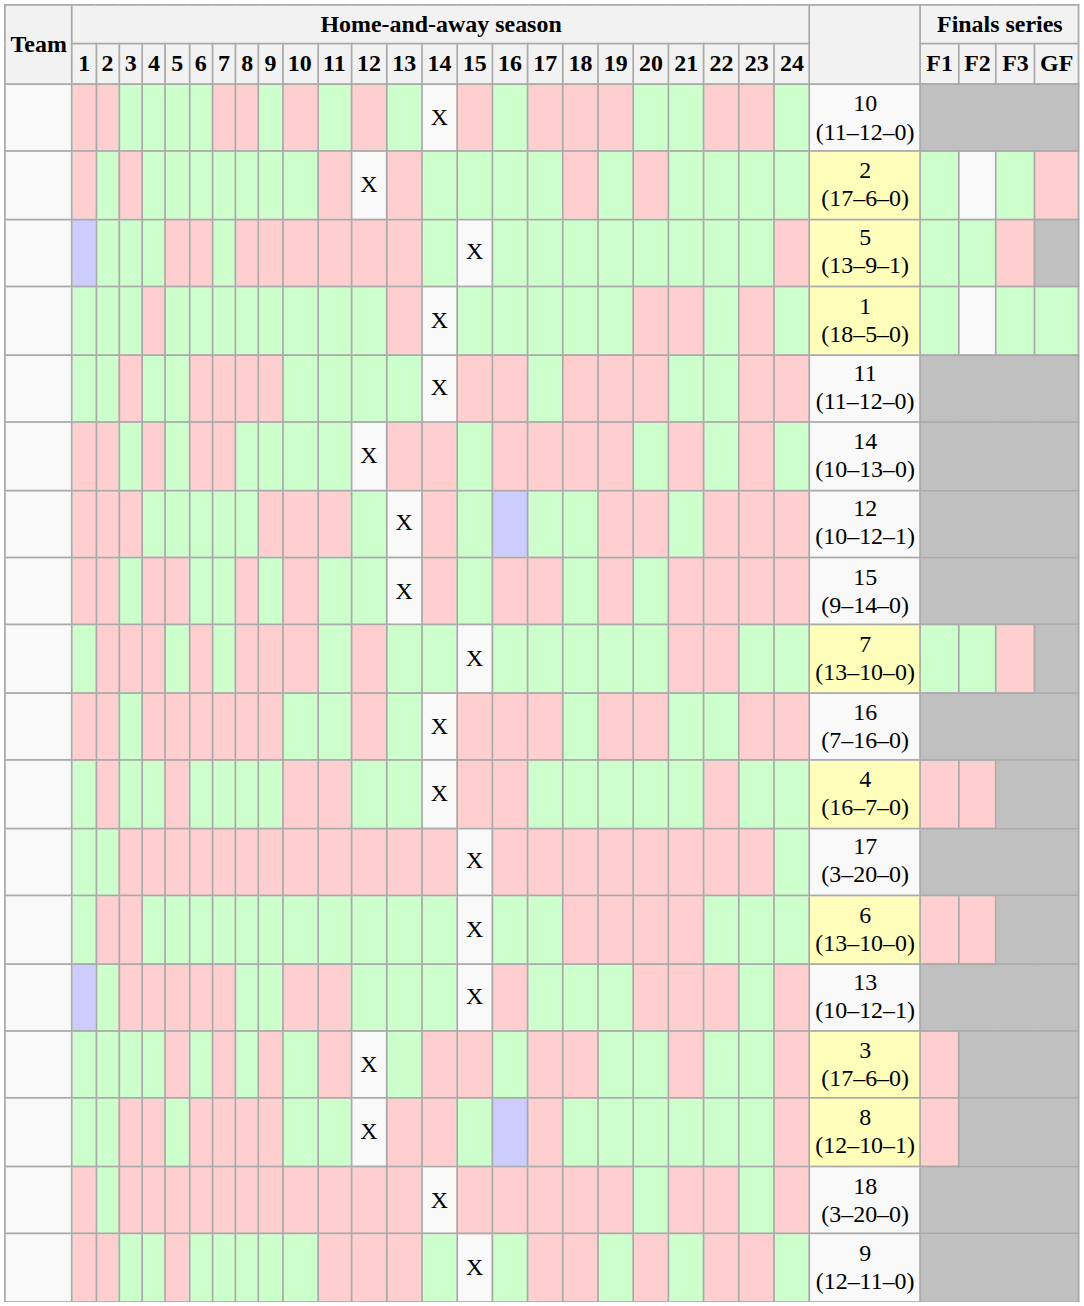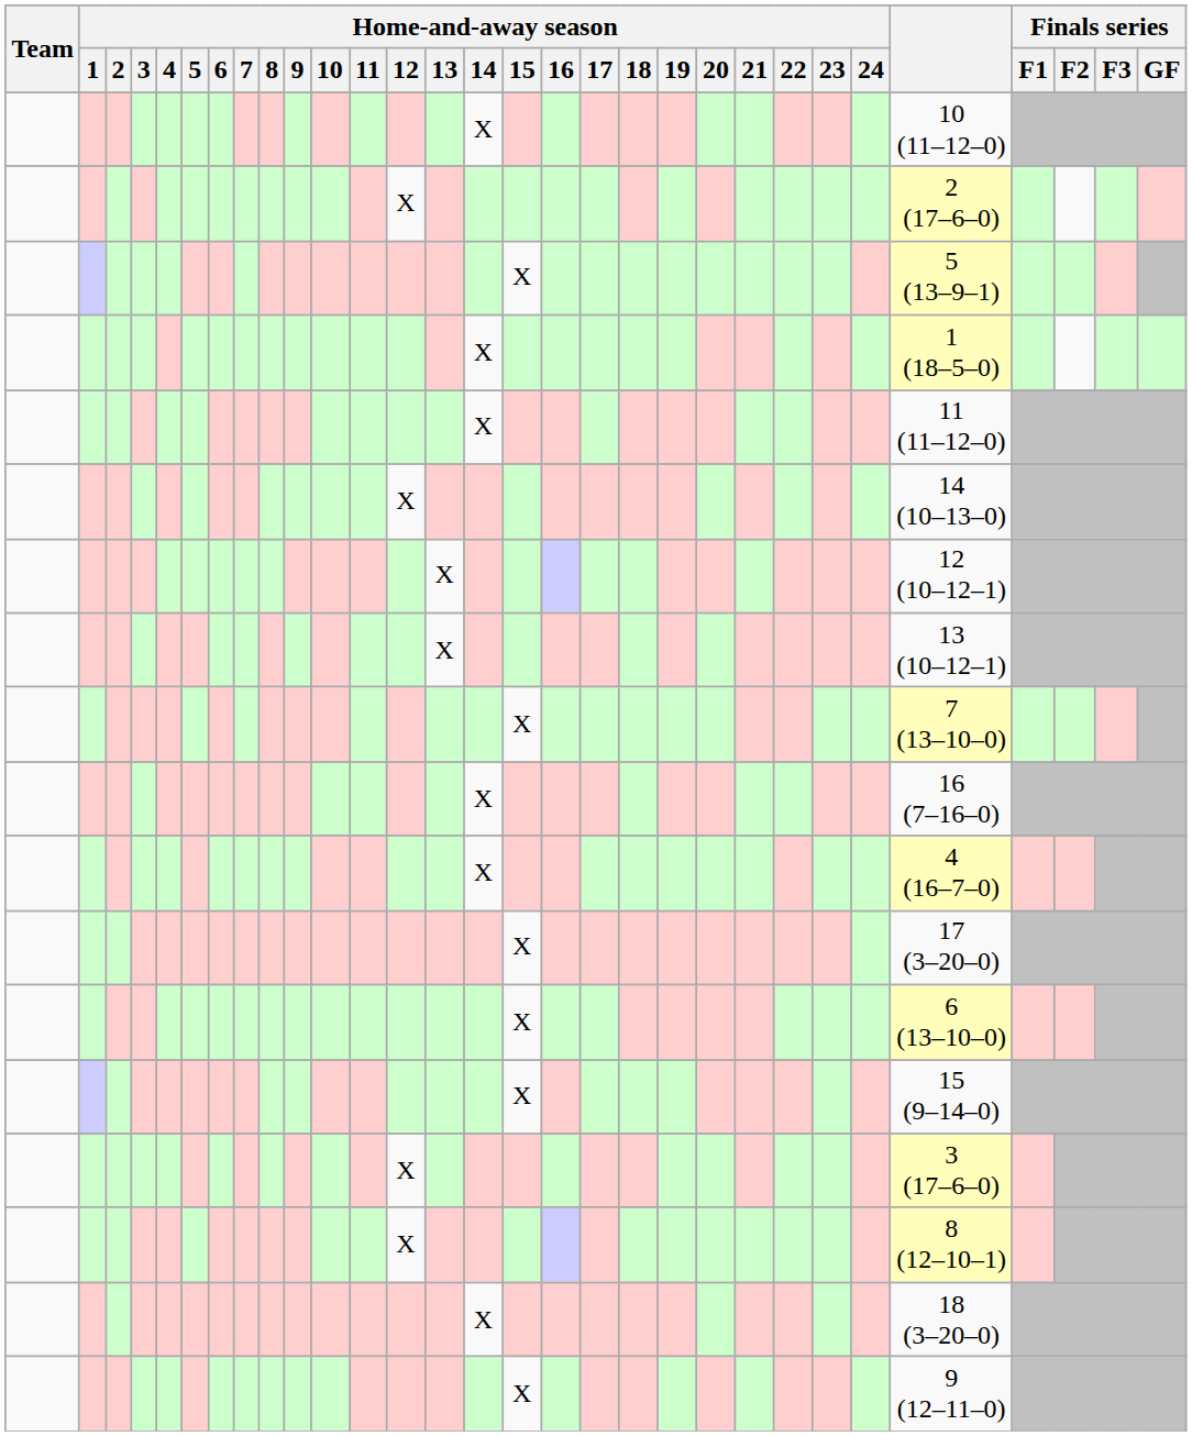 <table class="wikitable sortable" style="font-size:85%; text-align:center">
 <tr>
 <th rowspan=2>Team</th>
 <th colspan=24>Home-and-away season</th>
 <th rowspan=2></th>
 <th colspan=4>Finals series</th>
 </tr>
 <tr>
 <th>1</th>
 <th>2</th>
 <th>3</th>
 <th>4</th>
 <th>5</th>
 <th>6</th>
 <th>7</th>
 <th>8</th>
 <th>9</th>
 <th>10</th>
 <th>11</th>
 <th>12</th>
 <th>13</th>
 <th>14</th>
 <th>15</th>
 <th>16</th>
 <th>17</th>
 <th>18</th>
 <th>19</th>
 <th>20</th>
 <th>21</th>
 <th>22</th>
 <th>23</th>
 <th>24</th>
 <th>F1</th>
 <th>F2</th>
 <th>F3</th>
 <th>GF</th>
 </tr>
 <tr>
 <td align=left></td>
 <td bgcolor=FFCFCF></td>
 <td bgcolor=FFCFCF><strong></strong></td>
 <td bgcolor=CCFFCC></td>
 <td bgcolor=CCFFCC><strong></strong></td>
 <td bgcolor=CCFFCC><u></u></td>
 <td bgcolor=CCFFCC></td>
 <td bgcolor=FFCFCF><strong></strong></td>
 <td bgcolor=FFCFCF></td>
 <td bgcolor=CCFFCC><strong></strong></td>
 <td bgcolor=FFCFCF></td>
 <td bgcolor=CCFFCC><strong></strong></td>
 <td bgcolor=FFCFCF></td>
 <td bgcolor=CCFFCC><strong></strong></td>
 <td>X</td>
 <td bgcolor=FFCFCF></td>
 <td bgcolor=CCFFCC><strong></strong></td>
 <td bgcolor=FFCFCF></td>
 <td bgcolor=FFCFCF><strong></strong></td>
 <td bgcolor=FFCFCF></td>
 <td bgcolor=CCFFCC><strong></strong></td>
 <td bgcolor=CCFFCC><strong></strong></td>
 <td bgcolor=FFCFCF></td>
 <td bgcolor=FFCFCF><strong></strong></td>
 <td bgcolor=CCFFCC></td>
 <td>10<br>(11–12–0)</td>
 <td colspan=4 bgcolor=C0C0C0></td>
 </tr>
 <tr>
 <td align=left></td>
 <td bgcolor=FFCFCF></td>
 <td bgcolor=CCFFCC><strong></strong></td>
 <td bgcolor=FFCFCF></td>
 <td bgcolor=CCFFCC><strong></strong></td>
 <td bgcolor=CCFFCC><u></u></td>
 <td bgcolor=CCFFCC></td>
 <td bgcolor=CCFFCC><strong></strong></td>
 <td bgcolor=CCFFCC></td>
 <td bgcolor=CCFFCC><strong></strong></td>
 <td bgcolor=CCFFCC><strong></strong></td>
 <td bgcolor=FFCFCF></td>
 <td>X</td>
 <td bgcolor=FFCFCF></td>
 <td bgcolor=CCFFCC><strong></strong></td>
 <td bgcolor=CCFFCC></td>
 <td bgcolor=CCFFCC><strong></strong></td>
 <td bgcolor=CCFFCC><strong></strong></td>
 <td bgcolor=FFCFCF></td>
 <td bgcolor=CCFFCC><strong></strong></td>
 <td bgcolor=FFCFCF></td>
 <td bgcolor=CCFFCC></td>
 <td bgcolor=CCFFCC><strong></strong></td>
 <td bgcolor=CCFFCC></td>
 <td bgcolor=CCFFCC><strong></strong></td>
 <td bgcolor=FFFFBB>2<br>(17–6–0)</td>
 <td bgcolor=CCFFCC><strong></strong></td>
 <td></td>
 <td bgcolor=CCFFCC><strong></strong></td>
 <td bgcolor=FFCFCF></td>
 </tr>
 <tr>
 <td align=left></td>
 <td bgcolor=CCCCFF></td>
 <td bgcolor=CCFFCC><strong></strong></td>
 <td bgcolor=CCFFCC></td>
 <td bgcolor=CCFFCC></td>
 <td bgcolor=FFCFCF><u></u></td>
 <td bgcolor=FFCFCF><strong></strong></td>
 <td bgcolor=CCFFCC></td>
 <td bgcolor=FFCFCF><strong></strong></td>
 <td bgcolor=FFCFCF><strong></strong></td>
 <td bgcolor=FFCFCF><strong></strong></td>
 <td bgcolor=FFCFCF></td>
 <td bgcolor=FFCFCF></td>
 <td bgcolor=FFCFCF><strong></strong></td>
 <td bgcolor=CCFFCC><strong></strong></td>
 <td>X</td>
 <td bgcolor=CCFFCC></td>
 <td bgcolor=CCFFCC></td>
 <td bgcolor=CCFFCC><strong></strong></td>
 <td bgcolor=CCFFCC><strong></strong></td>
 <td bgcolor=CCFFCC></td>
 <td bgcolor=CCFFCC></td>
 <td bgcolor=CCFFCC><strong></strong></td>
 <td bgcolor=CCFFCC></td>
 <td bgcolor=FFCFCF><strong></strong></td>
 <td bgcolor=FFFFBB>5<br>(13–9–1)</td>
 <td bgcolor=CCFFCC><strong></strong></td>
 <td bgcolor=CCFFCC></td>
 <td bgcolor=FFCFCF></td>
 <td bgcolor=C0C0C0></td>
 </tr>
 <tr>
 <td align=left></td>
 <td bgcolor=CCFFCC></td>
 <td bgcolor=CCFFCC><strong></strong></td>
 <td bgcolor=CCFFCC><strong></strong></td>
 <td bgcolor=FFCFCF></td>
 <td bgcolor=CCFFCC><u></u></td>
 <td bgcolor=CCFFCC><strong></strong></td>
 <td bgcolor=CCFFCC></td>
 <td bgcolor=CCFFCC><strong></strong></td>
 <td bgcolor=CCFFCC><strong></strong></td>
 <td bgcolor=CCFFCC></td>
 <td bgcolor=CCFFCC><strong></strong></td>
 <td bgcolor=CCFFCC></td>
 <td bgcolor=FFCFCF></td>
 <td>X</td>
 <td bgcolor=CCFFCC><strong></strong></td>
 <td bgcolor=CCFFCC></td>
 <td bgcolor=CCFFCC></td>
 <td bgcolor=CCFFCC><strong></strong></td>
 <td bgcolor=CCFFCC></td>
 <td bgcolor=FFCFCF><strong></strong></td>
 <td bgcolor=FFCFCF></td>
 <td bgcolor=CCFFCC><strong></strong></td>
 <td bgcolor=FFCFCF><strong></strong></td>
 <td bgcolor=CCFFCC></td>
 <td bgcolor=FFFFBB>1<br>(18–5–0)</td>
 <td bgcolor=CCFFCC><strong></strong></td>
 <td></td>
 <td bgcolor=CCFFCC><strong></strong></td>
 <td bgcolor=CCFFCC><strong></strong></td>
 </tr>
 <tr>
 <td align=left></td>
 <td bgcolor=CCFFCC></td>
 <td bgcolor=CCFFCC><strong></strong></td>
 <td bgcolor=FFCFCF></td>
 <td bgcolor=CCFFCC><strong></strong></td>
 <td bgcolor=CCFFCC><u></u></td>
 <td bgcolor=FFCFCF></td>
 <td bgcolor=FFCFCF><strong></strong></td>
 <td bgcolor=FFCFCF></td>
 <td bgcolor=FFCFCF></td>
 <td bgcolor=CCFFCC><strong></strong></td>
 <td bgcolor=CCFFCC></td>
 <td bgcolor=CCFFCC><strong></strong></td>
 <td bgcolor=CCFFCC></td>
 <td>X</td>
 <td bgcolor=FFCFCF></td>
 <td bgcolor=FFCFCF><strong></strong></td>
 <td bgcolor=CCFFCC><strong></strong></td>
 <td bgcolor=FFCFCF></td>
 <td bgcolor=FFCFCF><strong></strong></td>
 <td bgcolor=FFCFCF><strong></strong></td>
 <td bgcolor=CCFFCC><strong></strong></td>
 <td bgcolor=CCFFCC></td>
 <td bgcolor=FFCFCF></td>
 <td bgcolor=FFCFCF><strong></strong></td>
 <td>11<br>(11–12–0)</td>
 <td colspan=4 bgcolor=C0C0C0></td>
 </tr>
 <tr>
 <td align=left></td>
 <td bgcolor=FFCFCF></td>
 <td bgcolor=FFCFCF><strong></strong></td>
 <td bgcolor=CCFFCC><strong></strong></td>
 <td bgcolor=FFCFCF></td>
 <td bgcolor=CCFFCC><u></u></td>
 <td bgcolor=FFCFCF><strong></strong></td>
 <td bgcolor=FFCFCF></td>
 <td bgcolor=CCFFCC><strong></strong></td>
 <td bgcolor=CCFFCC></td>
 <td bgcolor=CCFFCC><strong></strong></td>
 <td bgcolor=CCFFCC></td>
 <td>X</td>
 <td bgcolor=FFCFCF><strong></strong></td>
 <td bgcolor=FFCFCF></td>
 <td bgcolor=CCFFCC><strong></strong></td>
 <td bgcolor=FFCFCF></td>
 <td bgcolor=FFCFCF><strong></strong></td>
 <td bgcolor=FFCFCF></td>
 <td bgcolor=FFCFCF><strong></strong></td>
 <td bgcolor=CCFFCC></td>
 <td bgcolor=FFCFCF><strong></strong></td>
 <td bgcolor=CCFFCC></td>
 <td bgcolor=FFCFCF><strong></strong></td>
 <td bgcolor=CCFFCC></td>
 <td>14<br>(10–13–0)</td>
 <td colspan=4 bgcolor=C0C0C0></td>
 </tr>
 <tr>
 <td align=left></td>
 <td bgcolor=FFCFCF><strong></strong></td>
 <td bgcolor=FFCFCF></td>
 <td bgcolor=FFCFCF></td>
 <td bgcolor=CCFFCC><strong></strong></td>
 <td bgcolor=CCFFCC><u></u></td>
 <td bgcolor=CCFFCC><strong></strong></td>
 <td bgcolor=CCFFCC></td>
 <td bgcolor=CCFFCC><strong></strong></td>
 <td bgcolor=FFCFCF></td>
 <td bgcolor=FFCFCF></td>
 <td bgcolor=FFCFCF><strong></strong></td>
 <td bgcolor=CCFFCC></td>
 <td>X</td>
 <td bgcolor=FFCFCF></td>
 <td bgcolor=CCFFCC><strong></strong></td>
 <td bgcolor=CCCCFF></td>
 <td bgcolor=CCFFCC><strong></strong></td>
 <td bgcolor=CCFFCC><strong></strong></td>
 <td bgcolor=FFCFCF></td>
 <td bgcolor=FFCFCF><strong></strong></td>
 <td bgcolor=CCFFCC><strong></strong></td>
 <td bgcolor=FFCFCF></td>
 <td bgcolor=FFCFCF></td>
 <td bgcolor=FFCFCF><strong></strong></td>
 <td>12<br>(10–12–1)</td>
 <td colspan=4 bgcolor=C0C0C0></td>
 </tr>
 <tr>
 <td align=left></td>
 <td bgcolor=FFCFCF><strong></strong></td>
 <td bgcolor=FFCFCF></td>
 <td bgcolor=CCFFCC><strong></strong></td>
 <td bgcolor=FFCFCF></td>
 <td bgcolor=FFCFCF><u></u></td>
 <td bgcolor=CCFFCC><strong></strong></td>
 <td bgcolor=CCFFCC></td>
 <td bgcolor=FFCFCF><strong></strong></td>
 <td bgcolor=CCFFCC></td>
 <td bgcolor=FFCFCF></td>
 <td bgcolor=CCFFCC><strong></strong></td>
 <td bgcolor=CCFFCC><strong></strong></td>
 <td>X</td>
 <td bgcolor=FFCFCF></td>
 <td bgcolor=CCFFCC><strong></strong></td>
 <td bgcolor=FFCFCF><strong></strong></td>
 <td bgcolor=FFCFCF></td>
 <td bgcolor=CCFFCC><strong></strong></td>
 <td bgcolor=FFCFCF></td>
 <td bgcolor=CCFFCC><strong></strong></td>
 <td bgcolor=FFCFCF></td>
 <td bgcolor=FFCFCF></td>
 <td bgcolor=FFCFCF><strong></strong></td>
 <td bgcolor=FFCFCF></td>
-<td>15<br>(9–14–0)</td>
+<td>13<br>(10–12–1)</td>
 <td colspan=4 bgcolor=C0C0C0></td>
 </tr>
 <tr>
 <td align=left></td>
 <td bgcolor=CCFFCC><strong></strong></td>
 <td bgcolor=FFCFCF></td>
 <td bgcolor=FFCFCF><strong></strong></td>
 <td bgcolor=FFCFCF></td>
 <td bgcolor=CCFFCC><u></u></td>
 <td bgcolor=FFCFCF><strong></strong></td>
 <td bgcolor=CCFFCC></td>
 <td bgcolor=FFCFCF><strong></strong></td>
 <td bgcolor=FFCFCF></td>
 <td bgcolor=FFCFCF><strong></strong></td>
 <td bgcolor=CCFFCC></td>
 <td bgcolor=FFCFCF><strong></strong></td>
 <td bgcolor=CCFFCC></td>
 <td bgcolor=CCFFCC><strong></strong></td>
 <td>X</td>
 <td bgcolor=CCFFCC></td>
 <td bgcolor=CCFFCC><strong></strong></td>
 <td bgcolor=CCFFCC></td>
 <td bgcolor=CCFFCC><strong></strong></td>
 <td bgcolor=CCFFCC></td>
 <td bgcolor=FFCFCF><strong></strong></td>
 <td bgcolor=FFCFCF></td>
 <td bgcolor=CCFFCC><strong></strong></td>
 <td bgcolor=CCFFCC></td>
 <td bgcolor=FFFFBB>7<br>(13–10–0)</td>
 <td bgcolor=CCFFCC></td>
 <td bgcolor=CCFFCC></td>
 <td bgcolor=FFCFCF></td>
 <td bgcolor=C0C0C0></td>
 </tr>
 <tr>
 <td align=left></td>
 <td bgcolor=FFCFCF><strong></strong></td>
 <td bgcolor=FFCFCF></td>
 <td bgcolor=CCFFCC><strong></strong></td>
 <td bgcolor=FFCFCF></td>
 <td bgcolor=FFCFCF><u></u></td>
 <td bgcolor=FFCFCF><strong></strong></td>
 <td bgcolor=FFCFCF></td>
 <td bgcolor=FFCFCF></td>
 <td bgcolor=FFCFCF><strong></strong></td>
 <td bgcolor=CCFFCC><strong></strong></td>
 <td bgcolor=CCFFCC></td>
 <td bgcolor=FFCFCF></td>
 <td bgcolor=CCFFCC><strong></strong></td>
 <td>X</td>
 <td bgcolor=FFCFCF></td>
 <td bgcolor=FFCFCF><strong></strong></td>
 <td bgcolor=FFCFCF></td>
 <td bgcolor=CCFFCC></td>
 <td bgcolor=FFCFCF></td>
 <td bgcolor=FFCFCF><strong></strong></td>
 <td bgcolor=CCFFCC><strong></strong></td>
 <td bgcolor=CCFFCC><strong></strong></td>
 <td bgcolor=FFCFCF></td>
 <td bgcolor=FFCFCF><strong></strong></td>
 <td>16<br>(7–16–0)</td>
 <td colspan=4 bgcolor=C0C0C0></td>
 </tr>
 <tr>
 <td align=left></td>
 <td bgcolor=CCFFCC><strong></strong></td>
 <td bgcolor=FFCFCF></td>
 <td bgcolor=CCFFCC><strong></strong></td>
 <td bgcolor=CCFFCC></td>
 <td bgcolor=FFCFCF><u></u></td>
 <td bgcolor=CCFFCC><strong></strong></td>
 <td bgcolor=CCFFCC><strong></strong></td>
 <td bgcolor=CCFFCC></td>
 <td bgcolor=CCFFCC></td>
 <td bgcolor=FFCFCF></td>
 <td bgcolor=FFCFCF><strong></strong></td>
 <td bgcolor=CCFFCC><strong></strong></td>
 <td bgcolor=CCFFCC><strong></strong></td>
 <td>X</td>
 <td bgcolor=FFCFCF></td>
 <td bgcolor=FFCFCF><strong></strong></td>
 <td bgcolor=CCFFCC></td>
 <td bgcolor=CCFFCC><strong></strong></td>
 <td bgcolor=CCFFCC><strong></strong></td>
 <td bgcolor=CCFFCC></td>
 <td bgcolor=CCFFCC></td>
 <td bgcolor=FFCFCF></td>
 <td bgcolor=CCFFCC><strong></strong></td>
 <td bgcolor=CCFFCC></td>
 <td bgcolor=FFFFBB>4<br>(16–7–0)</td>
 <td bgcolor=FFCFCF></td>
 <td bgcolor=FFCFCF><strong></strong></td>
 <td colspan=2 bgcolor=C0C0C0></td>
 </tr>
 <tr>
 <td align=left></td>
 <td bgcolor=CCFFCC><strong></strong></td>
 <td bgcolor=CCFFCC></td>
 <td bgcolor=FFCFCF></td>
 <td bgcolor=FFCFCF><strong></strong></td>
 <td bgcolor=FFCFCF><u></u></td>
 <td bgcolor=FFCFCF></td>
 <td bgcolor=FFCFCF></td>
 <td bgcolor=FFCFCF><strong></strong></td>
 <td bgcolor=FFCFCF><strong></strong></td>
 <td bgcolor=FFCFCF><strong></strong></td>
 <td bgcolor=FFCFCF></td>
 <td bgcolor=FFCFCF></td>
 <td bgcolor=FFCFCF><strong></strong></td>
 <td bgcolor=FFCFCF><strong></strong></td>
 <td>X</td>
 <td bgcolor=FFCFCF></td>
 <td bgcolor=FFCFCF></td>
 <td bgcolor=FFCFCF><strong></strong></td>
 <td bgcolor=FFCFCF></td>
 <td bgcolor=FFCFCF></td>
 <td bgcolor=FFCFCF><strong></strong></td>
 <td bgcolor=FFCFCF><strong></strong></td>
 <td bgcolor=FFCFCF></td>
 <td bgcolor=CCFFCC><strong></strong></td>
 <td>17<br>(3–20–0)</td>
 <td colspan=4 bgcolor=C0C0C0></td>
 </tr>
 <tr>
 <td align=left></td>
 <td bgcolor=CCFFCC><strong></strong></td>
 <td bgcolor=FFCFCF></td>
 <td bgcolor=FFCFCF><strong></strong></td>
 <td bgcolor=CCFFCC></td>
 <td bgcolor=CCFFCC><u></u></td>
 <td bgcolor=CCFFCC><strong></strong></td>
 <td bgcolor=CCFFCC></td>
 <td bgcolor=CCFFCC><strong></strong></td>
 <td bgcolor=CCFFCC></td>
 <td bgcolor=CCFFCC><strong></strong></td>
 <td bgcolor=CCFFCC></td>
 <td bgcolor=CCFFCC><strong></strong></td>
 <td bgcolor=CCFFCC></td>
 <td bgcolor=CCFFCC><strong></strong></td>
 <td>X</td>
 <td bgcolor=CCFFCC></td>
 <td bgcolor=CCFFCC><strong></strong></td>
 <td bgcolor=FFCFCF></td>
 <td bgcolor=FFCFCF><strong></strong></td>
 <td bgcolor=FFCFCF></td>
 <td bgcolor=FFCFCF></td>
 <td bgcolor=CCFFCC><strong></strong></td>
 <td bgcolor=CCFFCC></td>
 <td bgcolor=CCFFCC><strong></strong></td>
 <td bgcolor=FFFFBB>6<br>(13–10–0)</td>
 <td bgcolor=FFCFCF></td>
 <td bgcolor=FFCFCF><strong></strong></td>
 <td colspan=2 bgcolor=C0C0C0></td>
 </tr>
 <tr>
 <td align=left></td>
 <td bgcolor=CCCCFF><strong></strong></td>
 <td bgcolor=CCFFCC></td>
 <td bgcolor=FFCFCF></td>
 <td bgcolor=FFCFCF><strong></strong></td>
 <td bgcolor=FFCFCF><u></u></td>
 <td bgcolor=FFCFCF></td>
 <td bgcolor=FFCFCF><strong></strong></td>
 <td bgcolor=CCFFCC><strong></strong></td>
 <td bgcolor=CCFFCC><strong></strong></td>
 <td bgcolor=FFCFCF></td>
 <td bgcolor=FFCFCF><strong></strong></td>
 <td bgcolor=CCFFCC></td>
 <td bgcolor=CCFFCC></td>
 <td bgcolor=CCFFCC><strong></strong></td>
 <td>X</td>
 <td bgcolor=FFCFCF></td>
 <td bgcolor=CCFFCC><strong></strong></td>
 <td bgcolor=CCFFCC></td>
 <td bgcolor=CCFFCC><strong></strong></td>
 <td bgcolor=FFCFCF><strong></strong></td>
 <td bgcolor=FFCFCF></td>
 <td bgcolor=FFCFCF></td>
 <td bgcolor=CCFFCC><strong></strong></td>
 <td bgcolor=FFCFCF></td>
-<td>13<br>(10–12–1)</td>
+<td>15<br>(9–14–0)</td>
 <td colspan=4 bgcolor=C0C0C0></td>
 </tr>
 <tr>
 <td align=left></td>
 <td bgcolor=CCFFCC><strong></strong></td>
 <td bgcolor=CCFFCC></td>
 <td bgcolor=CCFFCC><strong></strong></td>
 <td bgcolor=CCFFCC><strong></strong></td>
 <td bgcolor=FFCFCF><u></u></td>
 <td bgcolor=CCFFCC></td>
 <td bgcolor=FFCFCF><strong></strong></td>
 <td bgcolor=CCFFCC></td>
 <td bgcolor=FFCFCF></td>
 <td bgcolor=CCFFCC></td>
 <td bgcolor=FFCFCF><strong></strong></td>
 <td>X</td>
 <td bgcolor=CCFFCC></td>
 <td bgcolor=FFCFCF></td>
 <td bgcolor=FFCFCF><strong></strong></td>
 <td bgcolor=CCFFCC></td>
 <td bgcolor=FFCFCF><strong></strong></td>
 <td bgcolor=FFCFCF></td>
 <td bgcolor=CCFFCC><strong></strong></td>
 <td bgcolor=CCFFCC></td>
 <td bgcolor=FFCFCF><strong></strong></td>
 <td bgcolor=CCFFCC><strong></strong></td>
 <td bgcolor=CCFFCC><strong></strong></td>
 <td bgcolor=FFCFCF></td>
 <td bgcolor=FFFFBB>3<br>(17–6–0)</td>
 <td bgcolor=FFCFCF><strong></strong></td>
 <td colspan=3 bgcolor=C0C0C0></td>
 </tr>
 <tr>
 <td align=left></td>
 <td bgcolor=CCFFCC></td>
 <td bgcolor=CCFFCC><strong></strong></td>
 <td bgcolor=FFCFCF></td>
 <td bgcolor=FFCFCF><strong></strong></td>
 <td bgcolor=CCFFCC><u></u></td>
 <td bgcolor=FFCFCF></td>
 <td bgcolor=FFCFCF><strong></strong></td>
 <td bgcolor=FFCFCF></td>
 <td bgcolor=FFCFCF><strong></strong></td>
 <td bgcolor=CCFFCC></td>
 <td bgcolor=CCFFCC><strong></strong></td>
 <td>X</td>
 <td bgcolor=FFCFCF><strong></strong></td>
 <td bgcolor=FFCFCF></td>
 <td bgcolor=CCFFCC><strong></strong></td>
 <td bgcolor=CCCCFF><strong></strong></td>
 <td bgcolor=FFCFCF></td>
 <td bgcolor=CCFFCC><strong></strong></td>
 <td bgcolor=CCFFCC></td>
 <td bgcolor=CCFFCC></td>
 <td bgcolor=CCFFCC></td>
 <td bgcolor=CCFFCC><strong></strong></td>
 <td bgcolor=CCFFCC></td>
 <td bgcolor=FFCFCF><strong></strong></td>
 <td bgcolor=FFFFBB>8<br>(12–10–1)</td>
 <td bgcolor=FFCFCF></td>
 <td colspan=3 bgcolor=C0C0C0></td>
 </tr>
 <tr>
 <td align=left></td>
 <td bgcolor=FFCFCF></td>
 <td bgcolor=CCFFCC><strong></strong></td>
 <td bgcolor=FFCFCF></td>
 <td bgcolor=FFCFCF><strong></strong></td>
 <td bgcolor=FFCFCF><u></u></td>
 <td bgcolor=FFCFCF></td>
 <td bgcolor=FFCFCF><strong></strong></td>
 <td bgcolor=FFCFCF></td>
 <td bgcolor=FFCFCF><strong></strong></td>
 <td bgcolor=FFCFCF></td>
 <td bgcolor=FFCFCF><strong></strong></td>
 <td bgcolor=FFCFCF><strong></strong></td>
 <td bgcolor=FFCFCF></td>
 <td>X</td>
 <td bgcolor=FFCFCF></td>
 <td bgcolor=FFCFCF><strong></strong></td>
 <td bgcolor=FFCFCF></td>
 <td bgcolor=FFCFCF><strong></strong></td>
 <td bgcolor=FFCFCF></td>
 <td bgcolor=CCFFCC><strong></strong></td>
 <td bgcolor=FFCFCF></td>
 <td bgcolor=FFCFCF><strong></strong></td>
 <td bgcolor=CCFFCC></td>
 <td bgcolor=FFCFCF><strong></strong></td>
 <td>18<br>(3–20–0)</td>
 <td colspan=4 bgcolor=C0C0C0></td>
 </tr>
 <tr>
 <td align=left></td>
 <td bgcolor=FFCFCF></td>
 <td bgcolor=FFCFCF><strong></strong></td>
 <td bgcolor=CCFFCC><strong></strong></td>
 <td bgcolor=CCFFCC></td>
 <td bgcolor=FFCFCF><u></u></td>
 <td bgcolor=CCFFCC></td>
 <td bgcolor=CCFFCC><strong></strong></td>
 <td bgcolor=CCFFCC></td>
 <td bgcolor=CCFFCC></td>
 <td bgcolor=CCFFCC><strong></strong></td>
 <td bgcolor=FFCFCF></td>
 <td bgcolor=FFCFCF><strong></strong></td>
 <td bgcolor=FFCFCF><strong></strong></td>
 <td bgcolor=CCFFCC></td>
 <td>X</td>
 <td bgcolor=CCFFCC><strong></strong></td>
 <td bgcolor=FFCFCF><strong></strong></td>
 <td bgcolor=FFCFCF></td>
 <td bgcolor=CCFFCC></td>
 <td bgcolor=FFCFCF><strong></strong></td>
 <td bgcolor=CCFFCC><strong></strong></td>
 <td bgcolor=FFCFCF></td>
 <td bgcolor=FFCFCF><strong></strong></td>
 <td bgcolor=CCFFCC></td>
 <td>9<br>(12–11–0)</td>
 <td colspan=4 bgcolor=C0C0C0></td>
 </tr>
 </table>
